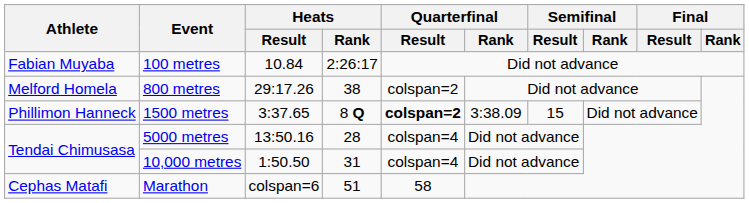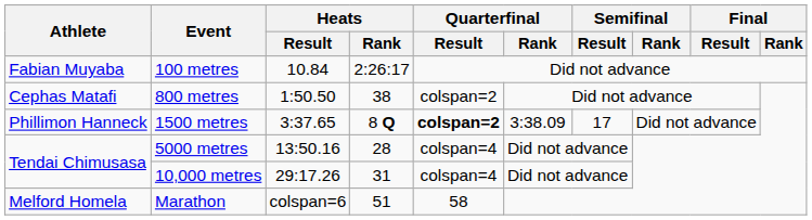 <table class="wikitable" style="font-size:90%">
 <tr>
 <th rowspan="2">Athlete</th>
 <th rowspan="2">Event</th>
 <th colspan="2">Heats</th>
 <th colspan="2">Quarterfinal</th>
 <th colspan="2">Semifinal</th>
 <th colspan="2">Final</th>
 </tr>
 <tr style="font-size:95%">
 <th>Result</th>
 <th>Rank</th>
 <th>Result</th>
 <th>Rank</th>
 <th>Result</th>
 <th>Rank</th>
 <th>Result</th>
 <th>Rank</th>
 </tr>
 <tr align=center>
 <td align=left><a href='#'>Fabian Muyaba</a></td>
 <td align=left><a href='#'>100 metres</a></td>
 <td>10.84</td>
 <td>2:26:17</td>
 <td colspan=6>Did not advance</td>
 </tr>
 <tr align=center>
-<td align=left><a href='#'>Melford Homela</a></td>
+<td align=left><a href='#'>Cephas Matafi</a></td>
 <td align=left><a href='#'>800 metres</a></td>
-<td>29:17.26</td>
+<td>1:50.50</td>
 <td>38</td>
 <td>colspan=2</td>
 <td colspan=4>Did not advance</td>
 </tr>
 <tr align=center>
 <td align=left><a href='#'>Phillimon Hanneck</a></td>
 <td align=left><a href='#'>1500 metres</a></td>
 <td>3:37.65</td>
 <td>8 <strong>Q</strong></td>
 <td><strong>colspan=2</strong></td>
 <td>3:38.09</td>
-<td>15</td>
+<td>17</td>
 <td colspan=2>Did not advance</td>
 </tr>
 <tr align=center>
 <td align=left rowspan=2><a href='#'>Tendai Chimusasa</a></td>
 <td align=left><a href='#'>5000 metres</a></td>
 <td>13:50.16</td>
 <td>28</td>
 <td>colspan=4</td>
 <td colspan=2>Did not advance</td>
 </tr>
 <tr align=center>
 <td align=left><a href='#'>10,000 metres</a></td>
-<td>1:50.50</td>
+<td>29:17.26</td>
 <td>31</td>
 <td>colspan=4</td>
 <td colspan=2>Did not advance</td>
 </tr>
 <tr align=center>
-<td align=left><a href='#'>Cephas Matafi</a></td>
+<td align=left><a href='#'>Melford Homela</a></td>
 <td align=left><a href='#'>Marathon</a></td>
 <td>colspan=6</td>
 <td>51</td>
 <td>58</td>
 </tr>
 </table>
